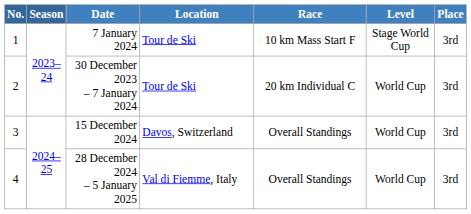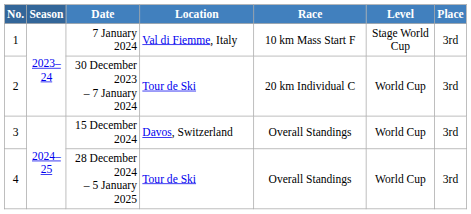 <table class="wikitable sortable" style="font-size:95%; text-align:center; border:grey solid 1px; border-collapse:collapse; background:#ffffff;">
 <tr style="background:#efefef;">
 <th style="background-color:#369; color:white;">No.</th>
 <th style="background-color:#369; color:white;">Season</th>
 <th style="background-color:#4180be; color:white; width:100px;">Date</th>
 <th style="background-color:#4180be; color:white; width:170px;">Location</th>
 <th style="background-color:#4180be; color:white; width:170px;">Race</th>
 <th style="background-color:#4180be; color:white; width:100px;">Level</th>
 <th style="background-color:#4180be; color:white;">Place</th>
 </tr>
 <tr>
 <td align=center>1</td>
 <td rowspan=2 align=center><a href='#'>2023–24</a></td>
 <td align=right>7 January 2024</td>
-<td align=left> <a href='#'>Tour de Ski</a></td>
+<td align=left> <a href='#'>Val di Fiemme</a>, Italy</td>
 <td>10 km Mass Start F</td>
 <td>Stage World Cup</td>
 <td>3rd</td>
 </tr>
 <tr>
 <td align=center>2</td>
 <td align=right>30 December 2023<br>– 7 January 2024</td>
 <td align=left> <a href='#'>Tour de Ski</a></td>
 <td>20 km Individual C</td>
 <td>World Cup</td>
 <td>3rd</td>
 </tr>
 <tr>
 <td align=center>3</td>
 <td rowspan=2 align=center><a href='#'>2024–25</a></td>
 <td align=right>15 December 2024</td>
 <td align=left> <a href='#'>Davos</a>, Switzerland</td>
 <td>Overall Standings</td>
 <td>World Cup</td>
 <td>3rd</td>
 </tr>
 <tr>
 <td align=center>4</td>
 <td align=right>28 December 2024<br>– 5 January 2025</td>
-<td align=left> <a href='#'>Val di Fiemme</a>, Italy</td>
+<td align=left> <a href='#'>Tour de Ski</a></td>
 <td>Overall Standings</td>
 <td>World Cup</td>
 <td>3rd</td>
 </tr>
 </table>
